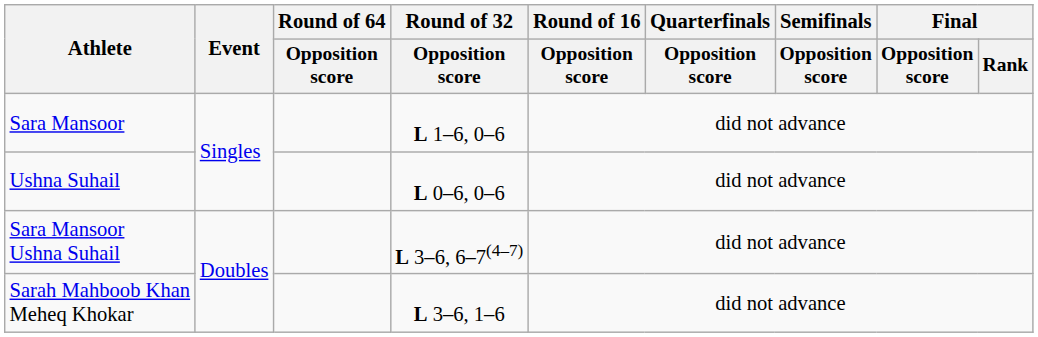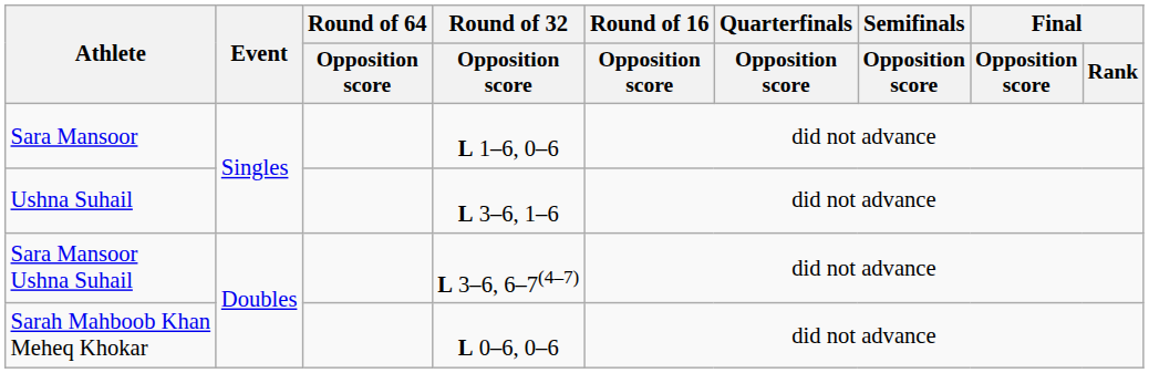 <table class=wikitable style="font-size:90%; text-align:center;">
 <tr>
 <th rowspan="2">Athlete</th>
 <th rowspan="2">Event</th>
 <th>Round of 64</th>
 <th>Round of 32</th>
 <th>Round of 16</th>
 <th>Quarterfinals</th>
 <th>Semifinals</th>
 <th colspan=2>Final</th>
 </tr>
 <tr style="font-size:95%">
 <th>Opposition<br> score</th>
 <th>Opposition<br> score</th>
 <th>Opposition<br> score</th>
 <th>Opposition<br> score</th>
 <th>Opposition<br> score</th>
 <th>Opposition<br> score</th>
 <th>Rank</th>
 </tr>
 <tr>
 <td align=left><a href='#'>Sara Mansoor</a></td>
 <td align=left rowspan=2><a href='#'>Singles</a></td>
 <td></td>
 <td><br><strong>L</strong> 1–6, 0–6</td>
 <td colspan=5>did not advance</td>
 </tr>
 <tr>
 <td align=left><a href='#'>Ushna Suhail</a></td>
 <td></td>
-<td><br><strong>L</strong> 0–6, 0–6</td>
+<td><br><strong>L</strong> 3–6, 1–6</td>
 <td colspan=5>did not advance</td>
 </tr>
 <tr>
 <td align=left><a href='#'>Sara Mansoor</a><br><a href='#'>Ushna Suhail</a></td>
 <td align=left rowspan=2><a href='#'>Doubles</a></td>
 <td></td>
 <td><br><strong>L</strong> 3–6, 6–7<sup>(4–7)</sup></td>
 <td colspan=5>did not advance</td>
 </tr>
 <tr>
 <td align=left><a href='#'>Sarah Mahboob Khan</a><br>Meheq Khokar</td>
 <td></td>
-<td><br><strong>L</strong> 3–6, 1–6</td>
+<td><br><strong>L</strong> 0–6, 0–6</td>
 <td colspan=5>did not advance</td>
 </tr>
 </table>
